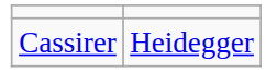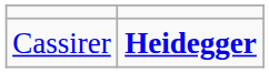 <table class="wikitable" style="text-align:right; float:right; margin-right:9px; margin-left:2px;">
 <tr>
 <td style="text-align:center;"></td>
 <td style="text-align:center;"></td>
 </tr>
 <tr>
 <td style="text-align:center;"><a href='#'>Cassirer</a></td>
-<td style="text-align:center;"><a href='#'>Heidegger</a></td>
+<td style="text-align:center;"><strong><a href='#'>Heidegger</a></strong></td>
 </tr>
 </table>
